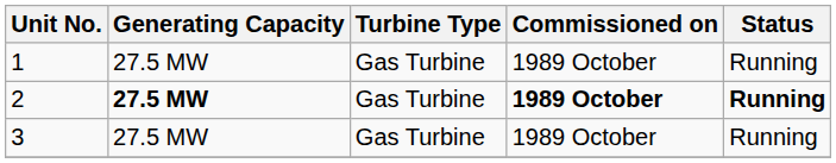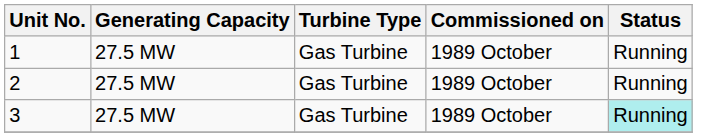 <table class="wikitable">
 <tr>
 <th>Unit No.</th>
 <th>Generating Capacity</th>
 <th>Turbine Type</th>
 <th>Commissioned on</th>
 <th>Status</th>
 </tr>
 <tr>
 <td>1</td>
 <td>27.5 MW</td>
 <td>Gas Turbine</td>
 <td>1989 October</td>
 <td>Running</td>
 </tr>
 <tr>
 <td>2</td>
-<td><strong>27.5 MW</strong></td>
+<td>27.5 MW</td>
 <td>Gas Turbine</td>
-<td><strong>1989 October</strong></td>
-<td><strong>Running</strong></td>
+<td>1989 October</td>
+<td>Running</td>
 </tr>
 <tr>
 <td>3</td>
 <td>27.5 MW</td>
 <td>Gas Turbine</td>
 <td>1989 October</td>
-<td>Running</td>
+<td style="background: paleturquoise;">Running</td>
 </tr>
 <tr>
 </tr>
 </table>
